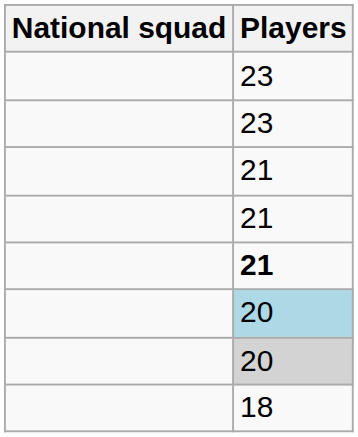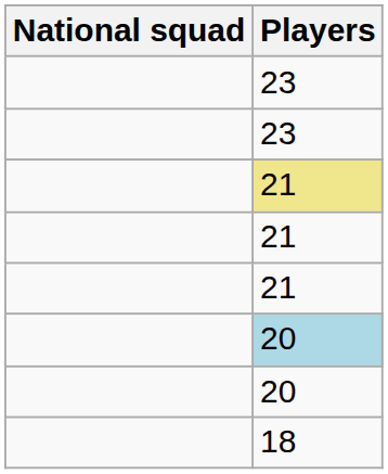 <table class="wikitable sortable">
 <tr>
 <th>National squad</th>
 <th>Players</th>
 </tr>
 <tr>
 <td></td>
 <td>23</td>
 </tr>
 <tr>
 <td></td>
 <td>23</td>
 </tr>
 <tr>
 <td></td>
+<td style="background: khaki;">21</td>
+</tr>
+<tr>
+<td></td>
 <td>21</td>
 </tr>
 <tr>
 <td></td>
 <td>21</td>
 </tr>
 <tr>
 <td></td>
-<td><strong>21</strong></td>
-</tr>
-<tr>
-<td></td>
 <td style="background: lightblue;">20</td>
 </tr>
 <tr>
 <td></td>
-<td style="background: lightgrey;">20</td>
+<td>20</td>
 </tr>
 <tr>
 <td></td>
 <td>18</td>
 </tr>
 </table>
